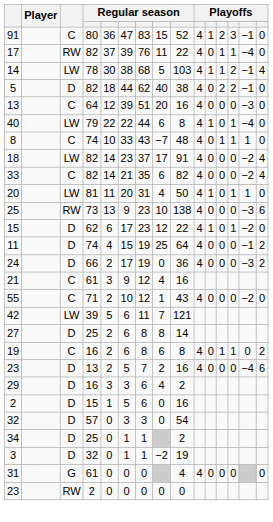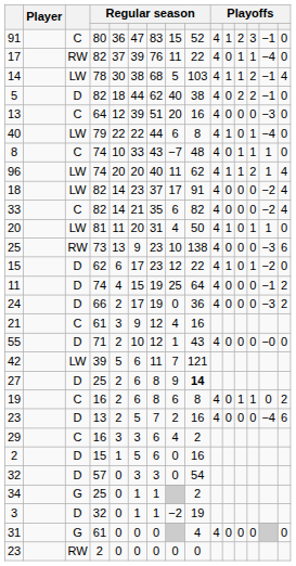 <table class="wikitable sortable plainrowheaders" style="text-align:center;">
 <tr>
 <th scope="col" data-sort-type="number" rowspan="2"></th>
 <th scope="col" rowspan="2">Player</th>
 <th scope="col" rowspan="2"></th>
 <th scope=colgroup colspan=6>Regular season</th>
 <th scope=colgroup colspan=6>Playoffs</th>
 </tr>
 <tr>
 <th scope="col" data-sort-type="number"></th>
 <th scope="col" data-sort-type="number"></th>
 <th scope="col" data-sort-type="number"></th>
 <th scope="col" data-sort-type="number"></th>
 <th scope="col" data-sort-type="number"></th>
 <th scope="col" data-sort-type="number"></th>
 <th scope="col" data-sort-type="number"></th>
 <th scope="col" data-sort-type="number"></th>
 <th scope="col" data-sort-type="number"></th>
 <th scope="col" data-sort-type="number"></th>
 <th scope="col" data-sort-type="number"></th>
 <th scope="col" data-sort-type="number"></th>
 </tr>
 <tr>
 <td scope="row">91</td>
 <td align="left"></td>
 <td>C</td>
 <td>80</td>
 <td>36</td>
 <td>47</td>
 <td>83</td>
 <td>15</td>
 <td>52</td>
 <td>4</td>
 <td>1</td>
 <td>2</td>
 <td>3</td>
 <td>−1</td>
 <td>0</td>
 </tr>
 <tr>
 <td scope="row">17</td>
 <td align="left"></td>
 <td>RW</td>
 <td>82</td>
 <td>37</td>
 <td>39</td>
 <td>76</td>
 <td>11</td>
 <td>22</td>
 <td>4</td>
 <td>0</td>
 <td>1</td>
 <td>1</td>
 <td>−4</td>
 <td>0</td>
 </tr>
 <tr>
 <td scope="row">14</td>
 <td align="left"></td>
 <td>LW</td>
 <td>78</td>
 <td>30</td>
 <td>38</td>
 <td>68</td>
 <td>5</td>
 <td>103</td>
 <td>4</td>
 <td>1</td>
 <td>1</td>
 <td>2</td>
 <td>−1</td>
 <td>4</td>
 </tr>
 <tr>
 <td scope="row">5</td>
 <td align="left"></td>
 <td>D</td>
 <td>82</td>
 <td>18</td>
 <td>44</td>
 <td>62</td>
 <td>40</td>
 <td>38</td>
 <td>4</td>
 <td>0</td>
 <td>2</td>
 <td>2</td>
 <td>−1</td>
 <td>0</td>
 </tr>
 <tr>
 <td scope="row">13</td>
 <td align="left"></td>
 <td>C</td>
 <td>64</td>
 <td>12</td>
 <td>39</td>
 <td>51</td>
 <td>20</td>
 <td>16</td>
 <td>4</td>
 <td>0</td>
 <td>0</td>
 <td>0</td>
 <td>−3</td>
 <td>0</td>
 </tr>
 <tr>
 <td scope="row">40</td>
 <td align="left"></td>
 <td>LW</td>
 <td>79</td>
 <td>22</td>
 <td>22</td>
 <td>44</td>
 <td>6</td>
 <td>8</td>
 <td>4</td>
 <td>1</td>
 <td>0</td>
 <td>1</td>
 <td>−4</td>
 <td>0</td>
 </tr>
 <tr>
 <td scope="row">8</td>
 <td align="left"></td>
 <td>C</td>
 <td>74</td>
 <td>10</td>
 <td>33</td>
 <td>43</td>
 <td>−7</td>
 <td>48</td>
 <td>4</td>
 <td>0</td>
 <td>1</td>
 <td>1</td>
 <td>1</td>
 <td>0</td>
 </tr>
 <tr>
+<td scope="row">96</td>
+<td align="left"></td>
+<td>LW</td>
+<td>74</td>
+<td>20</td>
+<td>20</td>
+<td>40</td>
+<td>11</td>
+<td>62</td>
+<td>4</td>
+<td>1</td>
+<td>1</td>
+<td>2</td>
+<td>1</td>
+<td>4</td>
+</tr>
+<tr>
 <td scope="row">18</td>
 <td align="left"></td>
 <td>LW</td>
 <td>82</td>
 <td>14</td>
 <td>23</td>
 <td>37</td>
 <td>17</td>
 <td>91</td>
 <td>4</td>
 <td>0</td>
 <td>0</td>
 <td>0</td>
 <td>−2</td>
 <td>4</td>
 </tr>
 <tr>
 <td scope="row">33</td>
 <td align="left"></td>
 <td>C</td>
 <td>82</td>
 <td>14</td>
 <td>21</td>
 <td>35</td>
 <td>6</td>
 <td>82</td>
 <td>4</td>
 <td>0</td>
 <td>0</td>
 <td>0</td>
 <td>−2</td>
 <td>4</td>
 </tr>
 <tr>
 <td scope="row">20</td>
 <td align="left"></td>
 <td>LW</td>
 <td>81</td>
 <td>11</td>
 <td>20</td>
 <td>31</td>
 <td>4</td>
 <td>50</td>
 <td>4</td>
 <td>1</td>
 <td>0</td>
 <td>1</td>
 <td>1</td>
 <td>0</td>
 </tr>
 <tr>
 <td scope="row">25</td>
 <td align="left"></td>
 <td>RW</td>
 <td>73</td>
 <td>13</td>
 <td>9</td>
 <td>23</td>
 <td>10</td>
 <td>138</td>
 <td>4</td>
 <td>0</td>
 <td>0</td>
 <td>0</td>
 <td>−3</td>
 <td>6</td>
 </tr>
 <tr>
 <td scope="row">15</td>
 <td align="left"></td>
 <td>D</td>
 <td>62</td>
 <td>6</td>
 <td>17</td>
 <td>23</td>
 <td>12</td>
 <td>22</td>
 <td>4</td>
 <td>1</td>
 <td>0</td>
 <td>1</td>
 <td>−2</td>
 <td>0</td>
 </tr>
 <tr>
 <td scope="row">11</td>
 <td align="left"></td>
 <td>D</td>
 <td>74</td>
 <td>4</td>
 <td>15</td>
 <td>19</td>
 <td>25</td>
 <td>64</td>
 <td>4</td>
 <td>0</td>
 <td>0</td>
 <td>0</td>
 <td>−1</td>
 <td>2</td>
 </tr>
 <tr>
 <td scope="row">24</td>
 <td align="left"></td>
 <td>D</td>
 <td>66</td>
 <td>2</td>
 <td>17</td>
 <td>19</td>
 <td>0</td>
 <td>36</td>
 <td>4</td>
 <td>0</td>
 <td>0</td>
 <td>0</td>
 <td>−3</td>
 <td>2</td>
 </tr>
 <tr>
 <td scope="row">21</td>
 <td align="left"></td>
 <td>C</td>
 <td>61</td>
 <td>3</td>
 <td>9</td>
 <td>12</td>
 <td>4</td>
 <td>16</td>
 <td></td>
 <td></td>
 <td></td>
 <td></td>
 <td></td>
 <td></td>
 </tr>
 <tr>
 <td scope="row">55</td>
 <td align="left"></td>
-<td>C</td>
+<td>D</td>
 <td>71</td>
 <td>2</td>
 <td>10</td>
 <td>12</td>
 <td>1</td>
 <td>43</td>
 <td>4</td>
 <td>0</td>
 <td>0</td>
 <td>0</td>
-<td>−2</td>
+<td>−0</td>
 <td>0</td>
 </tr>
 <tr>
 <td scope="row">42</td>
 <td align="left"></td>
 <td>LW</td>
 <td>39</td>
 <td>5</td>
 <td>6</td>
 <td>11</td>
 <td>7</td>
 <td>121</td>
 <td></td>
 <td></td>
 <td></td>
 <td></td>
 <td></td>
 <td></td>
 </tr>
 <tr>
 <td scope="row">27</td>
 <td align="left"></td>
 <td>D</td>
 <td>25</td>
 <td>2</td>
 <td>6</td>
 <td>8</td>
-<td>8</td>
-<td>14</td>
+<td>9</td>
+<td><strong>14</strong></td>
 <td></td>
 <td></td>
 <td></td>
 <td></td>
 <td></td>
 <td></td>
 </tr>
 <tr>
 <td scope="row">19</td>
 <td align="left"></td>
 <td>C</td>
 <td>16</td>
 <td>2</td>
 <td>6</td>
 <td>8</td>
 <td>6</td>
 <td>8</td>
 <td>4</td>
 <td>0</td>
 <td>1</td>
 <td>1</td>
 <td>0</td>
 <td>2</td>
 </tr>
 <tr>
 <td scope="row">23</td>
 <td align="left"></td>
 <td>D</td>
 <td>13</td>
 <td>2</td>
 <td>5</td>
 <td>7</td>
 <td>2</td>
 <td>16</td>
 <td>4</td>
 <td>0</td>
 <td>0</td>
 <td>0</td>
 <td>−4</td>
 <td>6</td>
 </tr>
 <tr>
 <td scope="row">29</td>
 <td align="left"></td>
-<td>D</td>
+<td>C</td>
 <td>16</td>
 <td>3</td>
 <td>3</td>
 <td>6</td>
 <td>4</td>
 <td>2</td>
 <td></td>
 <td></td>
 <td></td>
 <td></td>
 <td></td>
 <td></td>
 </tr>
 <tr>
 <td scope="row">2</td>
 <td align="left"></td>
 <td>D</td>
 <td>15</td>
 <td>1</td>
 <td>5</td>
 <td>6</td>
 <td>0</td>
 <td>16</td>
 <td></td>
 <td></td>
 <td></td>
 <td></td>
 <td></td>
 <td></td>
 </tr>
 <tr>
 <td scope="row">32</td>
 <td align="left"></td>
 <td>D</td>
 <td>57</td>
 <td>0</td>
 <td>3</td>
 <td>3</td>
 <td>0</td>
 <td>54</td>
 <td></td>
 <td></td>
 <td></td>
 <td></td>
 <td></td>
 <td></td>
 </tr>
 <tr>
 <td scope="row">34</td>
 <td align="left"></td>
-<td>D</td>
+<td>G</td>
 <td>25</td>
 <td>0</td>
 <td>1</td>
 <td>1</td>
 <td style="background:#ccc"></td>
 <td>2</td>
 <td></td>
 <td></td>
 <td></td>
 <td></td>
 <td></td>
 <td></td>
 </tr>
 <tr>
 <td scope="row">3</td>
 <td align="left"></td>
 <td>D</td>
 <td>32</td>
 <td>0</td>
 <td>1</td>
 <td>1</td>
 <td>−2</td>
 <td>19</td>
 <td></td>
 <td></td>
 <td></td>
 <td></td>
 <td></td>
 <td></td>
 </tr>
 <tr>
 <td scope="row">31</td>
 <td align="left"></td>
 <td>G</td>
 <td>61</td>
 <td>0</td>
 <td>0</td>
 <td>0</td>
 <td style="background:#ccc"></td>
 <td>4</td>
 <td>4</td>
 <td>0</td>
 <td>0</td>
 <td>0</td>
 <td style="background:#ccc"></td>
 <td>0</td>
 </tr>
 <tr>
 <td scope="row">23</td>
 <td align="left"></td>
 <td>RW</td>
 <td>2</td>
 <td>0</td>
 <td>0</td>
 <td>0</td>
 <td>0</td>
 <td>0</td>
 <td></td>
 <td></td>
 <td></td>
 <td></td>
 <td></td>
 <td></td>
 </tr>
 </table>
